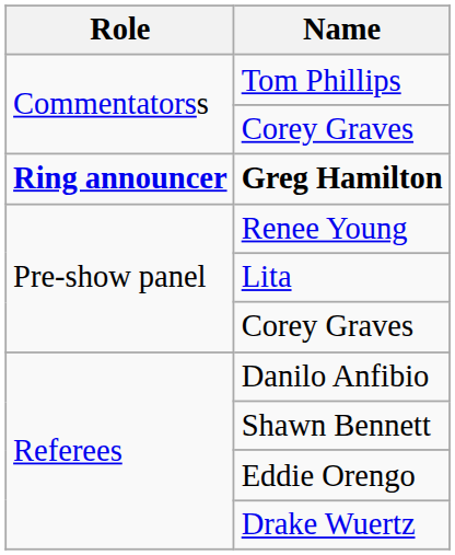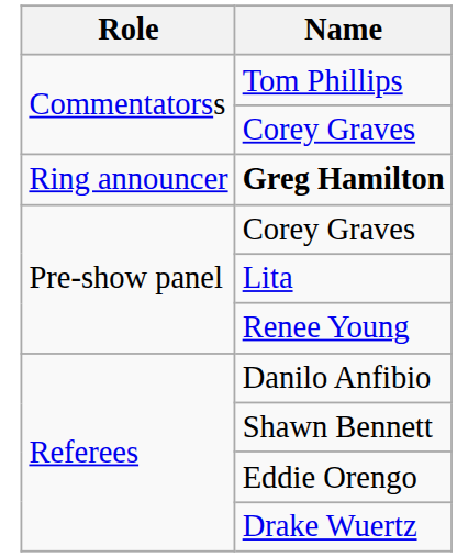 <table class=wikitable style="margin: 0.5em 0 0.5em 1em; float: right; clear: right;">
 <tr>
 <th>Role</th>
 <th>Name</th>
 </tr>
 <tr>
 <td rowspan=2><a href='#'>Commentators</a>s</td>
 <td><a href='#'>Tom Phillips</a></td>
 </tr>
 <tr>
 <td><a href='#'>Corey Graves</a></td>
 </tr>
 <tr>
-<td rowspan=1><strong><a href='#'>Ring announcer</a></strong></td>
+<td rowspan=1><a href='#'>Ring announcer</a></td>
 <td><strong>Greg Hamilton</strong></td>
 </tr>
 <tr>
 <td rowspan=3>Pre-show panel</td>
-<td><a href='#'>Renee Young</a></td>
+<td>Corey Graves</td>
 </tr>
 <tr>
 <td><a href='#'>Lita</a></td>
 </tr>
 <tr>
-<td>Corey Graves</td>
+<td><a href='#'>Renee Young</a></td>
 </tr>
 <tr>
 <td rowspan=4><a href='#'>Referees</a></td>
 <td>Danilo Anfibio</td>
 </tr>
 <tr>
 <td>Shawn Bennett</td>
 </tr>
 <tr>
 <td>Eddie Orengo</td>
 </tr>
 <tr>
 <td><a href='#'>Drake Wuertz</a></td>
 </tr>
 </table>
